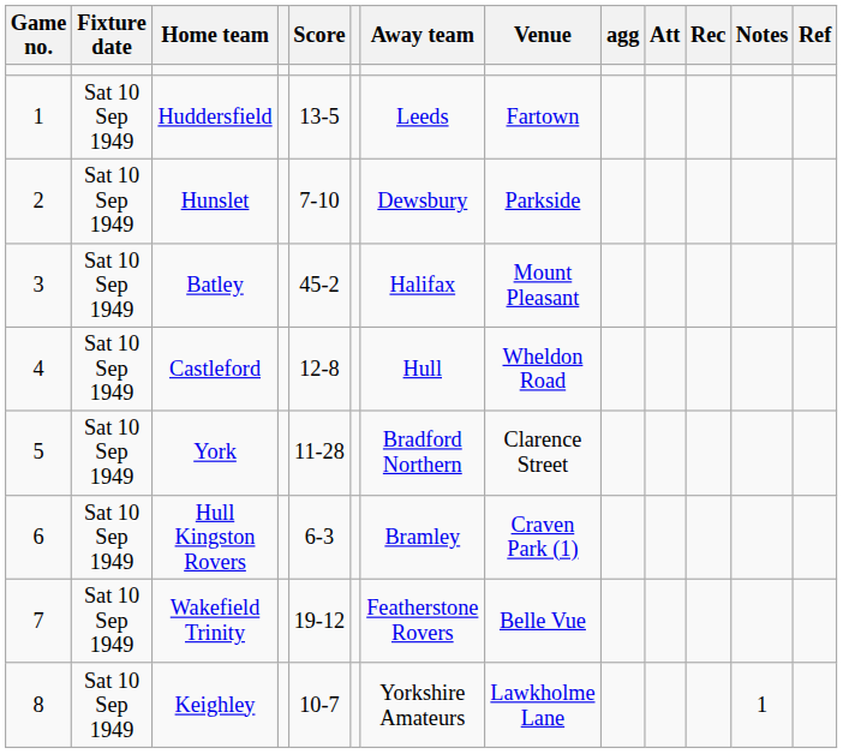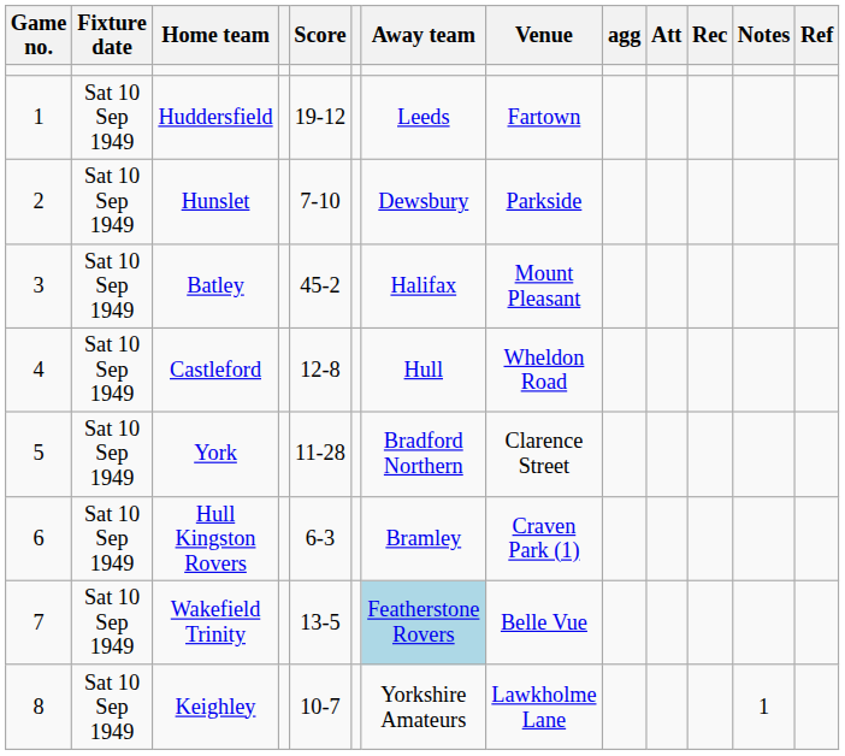 <table class="wikitable" style="text-align:center;">
 <tr>
 <th width=20 abbr="No">Game no.</th>
 <th width=100 abbr="Date">Fixture date</th>
 <th width=150 abbr="Home team">Home team</th>
 <th width=5 abbr="space"></th>
 <th width=20 abbr="Score">Score</th>
 <th width=5 abbr="space"></th>
 <th width=150 abbr="Away team">Away team</th>
 <th width=150 abbr="Venue">Venue</th>
 <th width=50 abbr="agg">agg</th>
 <th width=30 abbr="Att">Att</th>
 <th width=30 abbr="Rec">Rec</th>
 <th width=20 abbr="Notes">Notes</th>
 <th width=30 abbr="Ref">Ref</th>
 </tr>
 <tr>
 <td></td>
 <td></td>
 <td></td>
 <td></td>
 <td></td>
 <td></td>
 <td></td>
 <td></td>
 <td></td>
 <td></td>
 <td></td>
 <td></td>
 </tr>
 <tr>
 <td>1</td>
 <td>Sat 10 Sep 1949</td>
 <td><a href='#'>Huddersfield</a></td>
 <td></td>
-<td>13-5</td>
+<td>19-12</td>
 <td></td>
 <td><a href='#'>Leeds</a></td>
 <td><a href='#'>Fartown</a></td>
 <td></td>
 <td></td>
 <td></td>
 <td></td>
 <td></td>
 </tr>
 <tr>
 <td>2</td>
 <td>Sat 10 Sep 1949</td>
 <td><a href='#'>Hunslet</a></td>
 <td></td>
 <td>7-10</td>
 <td></td>
 <td><a href='#'>Dewsbury</a></td>
 <td><a href='#'>Parkside</a></td>
 <td></td>
 <td></td>
 <td></td>
 <td></td>
 <td></td>
 </tr>
 <tr>
 <td>3</td>
 <td>Sat 10 Sep 1949</td>
 <td><a href='#'>Batley</a></td>
 <td></td>
 <td>45-2</td>
 <td></td>
 <td><a href='#'>Halifax</a></td>
 <td><a href='#'>Mount Pleasant</a></td>
 <td></td>
 <td></td>
 <td></td>
 <td></td>
 <td></td>
 </tr>
 <tr>
 <td>4</td>
 <td>Sat 10 Sep 1949</td>
 <td><a href='#'>Castleford</a></td>
 <td></td>
 <td>12-8</td>
 <td></td>
 <td><a href='#'>Hull</a></td>
 <td><a href='#'>Wheldon Road</a></td>
 <td></td>
 <td></td>
 <td></td>
 <td></td>
 <td></td>
 </tr>
 <tr>
 <td>5</td>
 <td>Sat 10 Sep 1949</td>
 <td><a href='#'>York</a></td>
 <td></td>
 <td>11-28</td>
 <td></td>
 <td><a href='#'>Bradford Northern</a></td>
 <td>Clarence Street</td>
 <td></td>
 <td></td>
 <td></td>
 <td></td>
 <td></td>
 </tr>
 <tr>
 <td>6</td>
 <td>Sat 10 Sep 1949</td>
 <td><a href='#'>Hull Kingston Rovers</a></td>
 <td></td>
 <td>6-3</td>
 <td></td>
 <td><a href='#'>Bramley</a></td>
 <td><a href='#'>Craven Park (1)</a></td>
 <td></td>
 <td></td>
 <td></td>
 <td></td>
 <td></td>
 </tr>
 <tr>
 <td>7</td>
 <td>Sat 10 Sep 1949</td>
 <td><a href='#'>Wakefield Trinity</a></td>
 <td></td>
-<td>19-12</td>
+<td>13-5</td>
 <td></td>
-<td><a href='#'>Featherstone Rovers</a></td>
+<td style="background: lightblue;"><a href='#'>Featherstone Rovers</a></td>
 <td><a href='#'>Belle Vue</a></td>
 <td></td>
 <td></td>
 <td></td>
 <td></td>
 <td></td>
 </tr>
 <tr>
 <td>8</td>
 <td>Sat 10 Sep 1949</td>
 <td><a href='#'>Keighley</a></td>
 <td></td>
 <td>10-7</td>
 <td></td>
 <td>Yorkshire Amateurs</td>
 <td><a href='#'>Lawkholme Lane</a></td>
 <td></td>
 <td></td>
 <td></td>
 <td>1</td>
 <td></td>
 </tr>
 </table>
